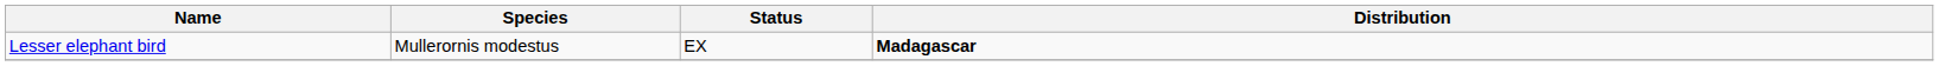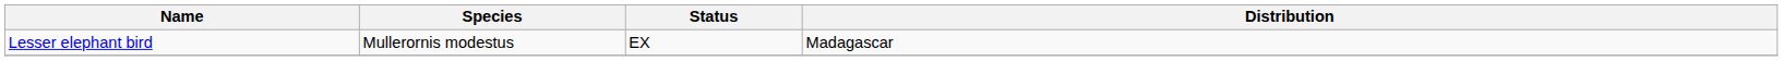 <table class="wikitable" style="width:90%">
 <tr>
 <th style="width:20%">Name</th>
 <th style="width:15%">Species</th>
 <th style="width:10%">Status</th>
 <th>Distribution</th>
 </tr>
 <tr>
 <td><a href='#'>Lesser elephant bird</a></td>
 <td>Mullerornis modestus</td>
 <td>EX</td>
-<td><strong>Madagascar</strong></td>
+<td>Madagascar</td>
 </tr>
 <tr>
 </tr>
 </table>
